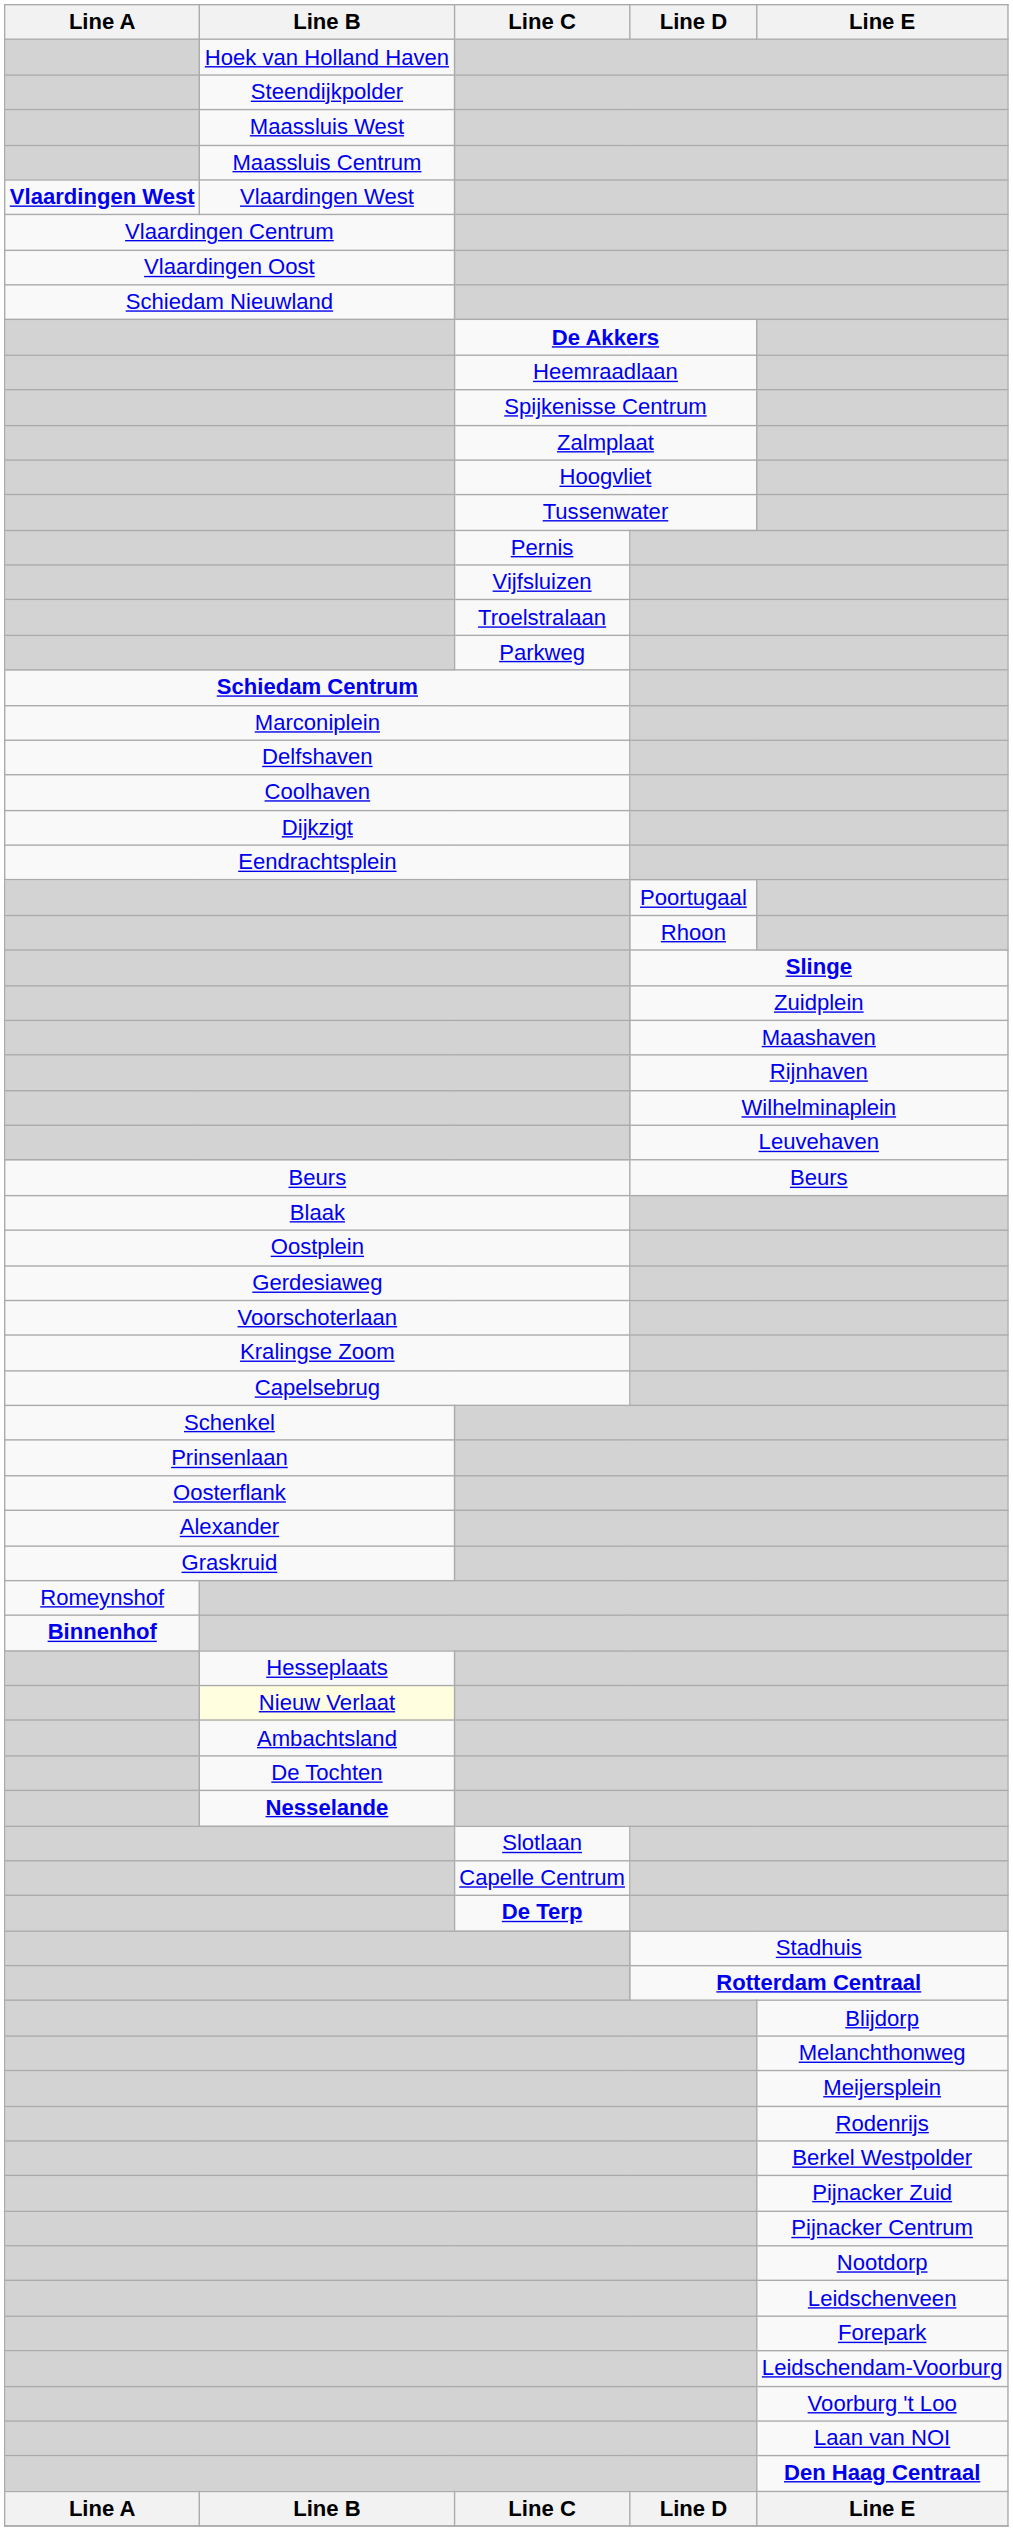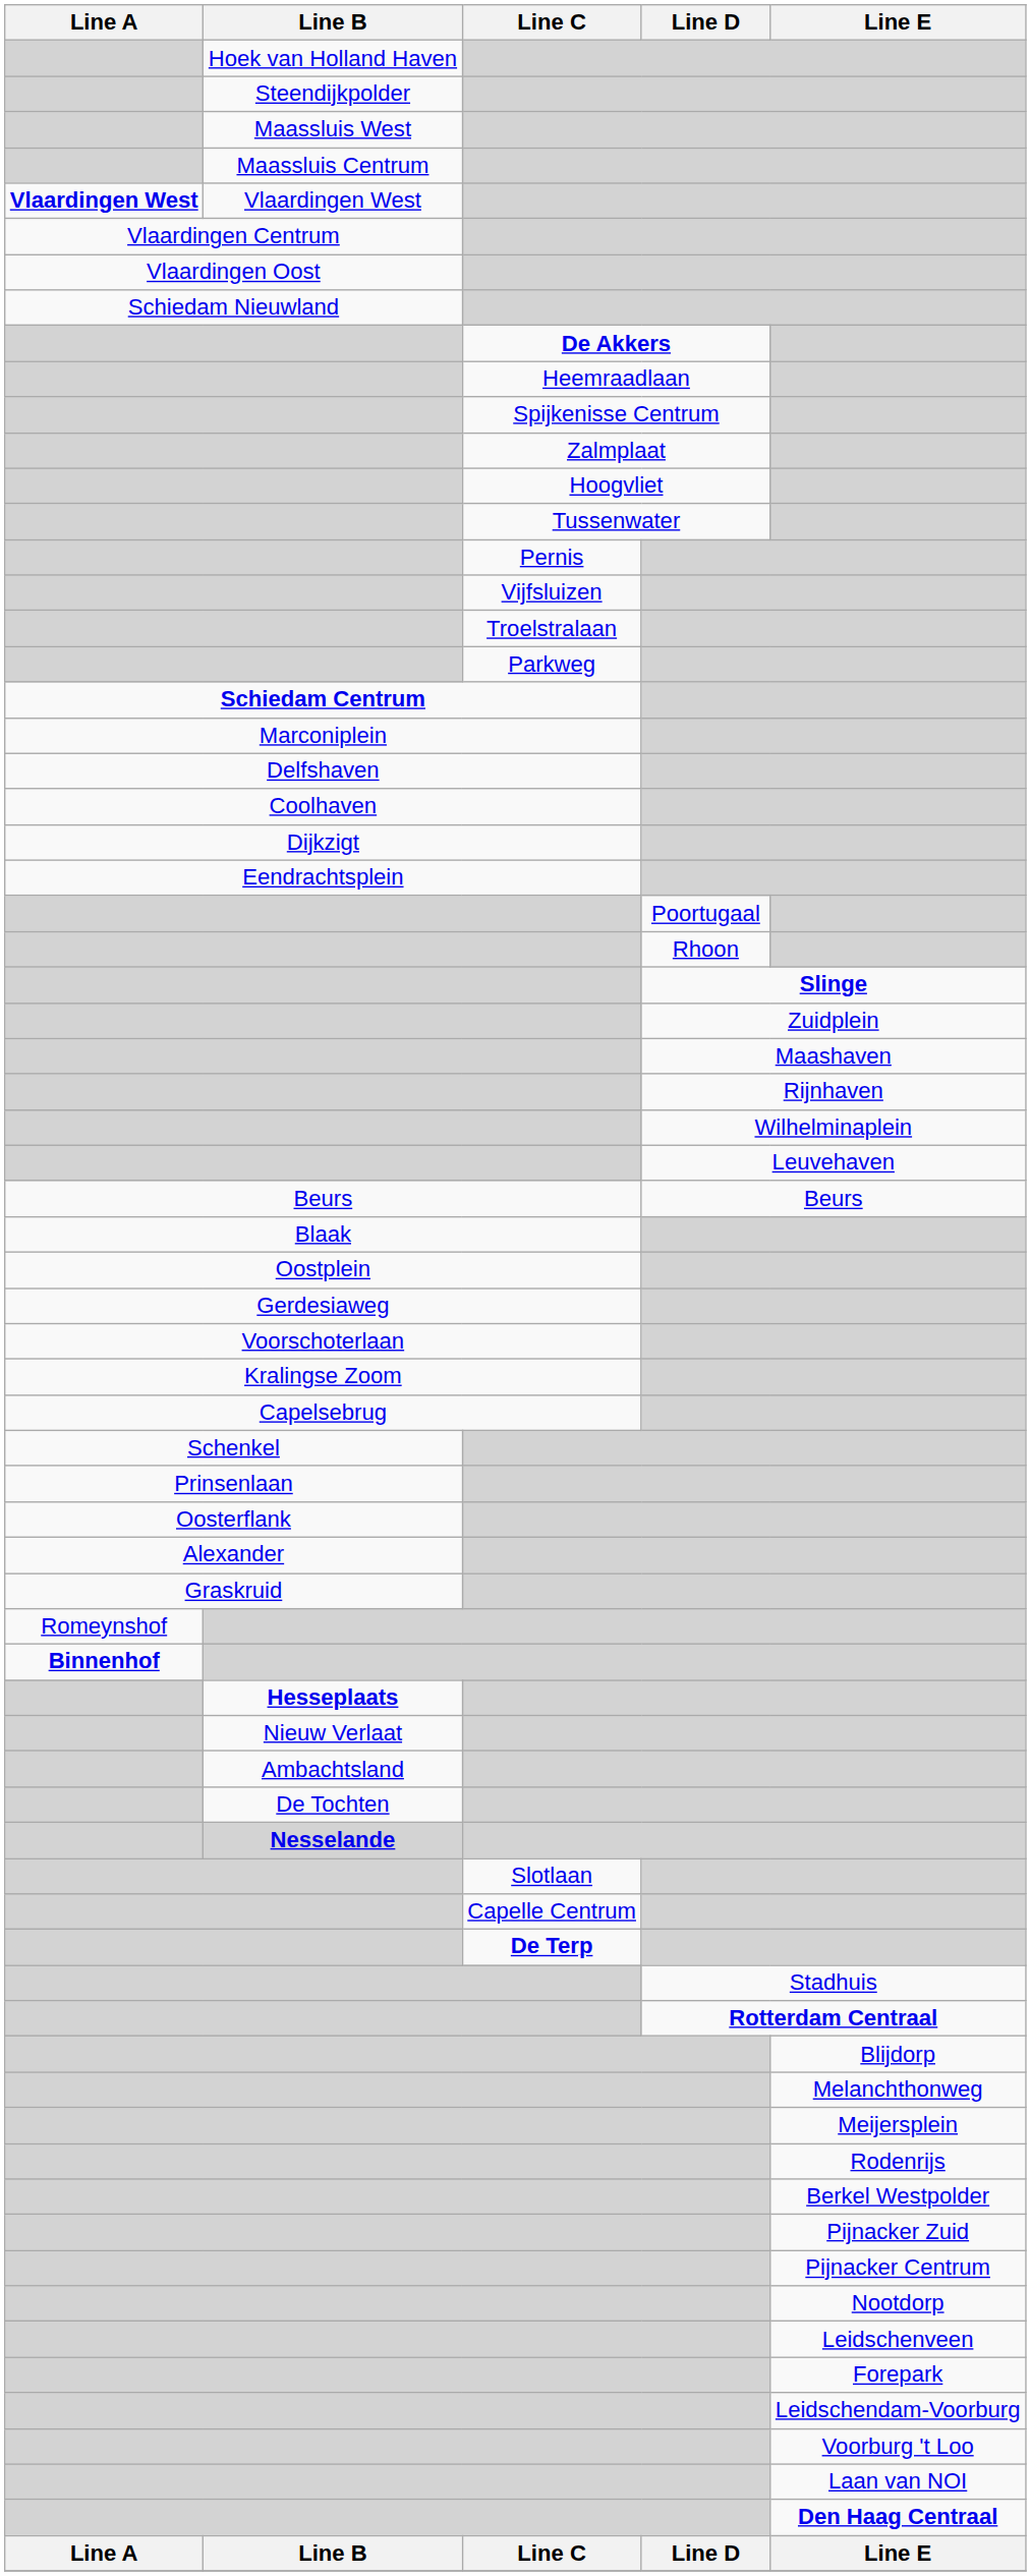 <table class="wikitable" style="text-align:center;">
 <tr>
 <th style="background:#">Line A</th>
 <th style="background:#">Line B</th>
 <th style="background:#">Line C</th>
 <th style="background:#">    Line D    </th>
 <th style="background:#">Line E</th>
 </tr>
 <tr>
 <td style="background:lightgrey;" colspan="1"></td>
 <td><a href='#'>Hoek van Holland Haven</a></td>
 <td style="background:lightgrey;" colspan="3"></td>
 </tr>
 <tr>
 <td style="background:lightgrey;" colspan="1"></td>
 <td><a href='#'>Steendijkpolder</a></td>
 <td style="background:lightgrey;" colspan="3"></td>
 </tr>
 <tr>
 <td style="background:lightgrey;" colspan="1"></td>
 <td><a href='#'>Maassluis West</a></td>
 <td style="background:lightgrey;" colspan="3"></td>
 </tr>
 <tr>
 <td style="background:lightgrey;" colspan="1"></td>
 <td><a href='#'>Maassluis Centrum</a></td>
 <td style="background:lightgrey;" colspan="3"></td>
 </tr>
 <tr>
 <td><strong><a href='#'>Vlaardingen West</a></strong></td>
 <td><a href='#'>Vlaardingen West</a></td>
 <td style="background:lightgrey;" colspan="3"></td>
 </tr>
 <tr>
 <td colspan="2"><a href='#'>Vlaardingen Centrum</a></td>
 <td style="background:lightgrey;" colspan="3"></td>
 </tr>
 <tr>
 <td colspan="2"><a href='#'>Vlaardingen Oost</a></td>
 <td style="background:lightgrey;" colspan="3"></td>
 </tr>
 <tr>
 <td colspan="2"><a href='#'>Schiedam Nieuwland</a></td>
 <td style="background:lightgrey;" colspan="3"></td>
 </tr>
 <tr>
 <td style="background:lightgrey;" colspan="2"></td>
 <td colspan="2"><strong><a href='#'>De Akkers</a></strong></td>
 <td style="background:lightgrey;"></td>
 </tr>
 <tr>
 <td style="background:lightgrey;" colspan="2"></td>
 <td colspan="2"><a href='#'>Heemraadlaan</a></td>
 <td style="background:lightgrey;"></td>
 </tr>
 <tr>
 <td style="background:lightgrey;" colspan="2"></td>
 <td colspan="2"><a href='#'>Spijkenisse Centrum</a></td>
 <td style="background:lightgrey;"></td>
 </tr>
 <tr>
 <td style="background:lightgrey;" colspan="2"></td>
 <td colspan="2"><a href='#'>Zalmplaat</a></td>
 <td style="background:lightgrey;"></td>
 </tr>
 <tr>
 <td style="background:lightgrey;" colspan="2"></td>
 <td colspan="2"><a href='#'>Hoogvliet</a></td>
 <td style="background:lightgrey;"></td>
 </tr>
 <tr>
 <td style="background:lightgrey;" colspan="2"></td>
 <td colspan="2"><a href='#'>Tussenwater</a></td>
 <td style="background:lightgrey;"></td>
 </tr>
 <tr>
 <td style="background:lightgrey;" colspan="2"></td>
 <td><a href='#'>Pernis</a></td>
 <td style="background:lightgrey;" colspan="2"></td>
 </tr>
 <tr>
 <td style="background:lightgrey;" colspan="2"></td>
 <td><a href='#'>Vijfsluizen</a></td>
 <td style="background:lightgrey;" colspan="2"></td>
 </tr>
 <tr>
 <td style="background:lightgrey;" colspan="2"></td>
 <td><a href='#'>Troelstralaan</a></td>
 <td style="background:lightgrey;" colspan="2"></td>
 </tr>
 <tr>
 <td style="background:lightgrey;" colspan="2"></td>
 <td><a href='#'>Parkweg</a></td>
 <td style="background:lightgrey;" colspan="2"></td>
 </tr>
 <tr>
 <td colspan="3"><strong><a href='#'>Schiedam Centrum</a></strong> </td>
 <td style="background:lightgrey;" colspan="2"></td>
 </tr>
 <tr>
 <td colspan="3"><a href='#'>Marconiplein</a></td>
 <td style="background:lightgrey;" colspan="2"></td>
 </tr>
 <tr>
 <td colspan="3"><a href='#'>Delfshaven</a></td>
 <td style="background:lightgrey;" colspan="2"></td>
 </tr>
 <tr>
 <td colspan="3"><a href='#'>Coolhaven</a></td>
 <td style="background:lightgrey;" colspan="2"></td>
 </tr>
 <tr>
 <td colspan="3"><a href='#'>Dijkzigt</a></td>
 <td style="background:lightgrey;" colspan="2"></td>
 </tr>
 <tr>
 <td colspan="3"><a href='#'>Eendrachtsplein</a></td>
 <td style="background:lightgrey;" colspan="2"></td>
 </tr>
 <tr>
 <td style="background:lightgrey;" colspan="3"></td>
 <td><a href='#'>Poortugaal</a></td>
 <td style="background:lightgrey;"></td>
 </tr>
 <tr>
 <td style="background:lightgrey;" colspan="3"></td>
 <td><a href='#'>Rhoon</a></td>
 <td style="background:lightgrey;"></td>
 </tr>
 <tr>
 <td style="background:lightgrey;" colspan="3"></td>
 <td colspan="2"><strong><a href='#'>Slinge</a></strong></td>
 </tr>
 <tr>
 <td style="background:lightgrey;" colspan="3"></td>
 <td colspan="2"><a href='#'>Zuidplein</a></td>
 </tr>
 <tr>
 <td style="background:lightgrey;" colspan="3"></td>
 <td colspan="2"><a href='#'>Maashaven</a></td>
 </tr>
 <tr>
 <td style="background:lightgrey;" colspan="3"></td>
 <td colspan="2"><a href='#'>Rijnhaven</a></td>
 </tr>
 <tr>
 <td style="background:lightgrey;" colspan="3"></td>
 <td colspan="2"><a href='#'>Wilhelminaplein</a></td>
 </tr>
 <tr>
 <td style="background:lightgrey;" colspan="3"></td>
 <td colspan="2"><a href='#'>Leuvehaven</a></td>
 </tr>
 <tr>
 <td colspan="3"><a href='#'>Beurs</a></td>
 <td colspan="2"><a href='#'>Beurs</a></td>
 </tr>
 <tr>
 <td colspan="3"><a href='#'>Blaak</a> </td>
 <td style="background:lightgrey;" colspan="2"></td>
 </tr>
 <tr>
 <td colspan="3"><a href='#'>Oostplein</a></td>
 <td style="background:lightgrey;" colspan="2"></td>
 </tr>
 <tr>
 <td colspan="3"><a href='#'>Gerdesiaweg</a></td>
 <td style="background:lightgrey;" colspan="2"></td>
 </tr>
 <tr>
 <td colspan="3"><a href='#'>Voorschoterlaan</a></td>
 <td style="background:lightgrey;" colspan="2"></td>
 </tr>
 <tr>
 <td colspan="3"><a href='#'>Kralingse Zoom</a></td>
 <td style="background:lightgrey;" colspan="2"></td>
 </tr>
 <tr>
 <td colspan="3"><a href='#'>Capelsebrug</a></td>
 <td style="background:lightgrey;" colspan="2"></td>
 </tr>
 <tr>
 <td colspan="2"><a href='#'>Schenkel</a></td>
 <td style="background:lightgrey;" colspan="3"></td>
 </tr>
 <tr>
 <td colspan="2"><a href='#'>Prinsenlaan</a></td>
 <td style="background:lightgrey;" colspan="3"></td>
 </tr>
 <tr>
 <td colspan="2"><a href='#'>Oosterflank</a></td>
 <td style="background:lightgrey;" colspan="3"></td>
 </tr>
 <tr>
 <td colspan="2"><a href='#'>Alexander</a> </td>
 <td style="background:lightgrey;" colspan="3"></td>
 </tr>
 <tr>
 <td colspan="2"><a href='#'>Graskruid</a></td>
 <td style="background:lightgrey;" colspan="3"></td>
 </tr>
 <tr>
 <td><a href='#'>Romeynshof</a></td>
 <td style="background:lightgrey;" colspan="4"></td>
 </tr>
 <tr>
 <td><strong><a href='#'>Binnenhof</a></strong></td>
 <td style="background:lightgrey;" colspan="4"></td>
 </tr>
 <tr>
 <td style="background:lightgrey;"></td>
-<td><a href='#'>Hesseplaats</a></td>
+<td><strong><a href='#'>Hesseplaats</a></strong></td>
 <td style="background:lightgrey;" colspan="3"></td>
 </tr>
 <tr>
 <td style="background:lightgrey;"></td>
-<td style="background: lightyellow;"><a href='#'>Nieuw Verlaat</a></td>
+<td><a href='#'>Nieuw Verlaat</a></td>
 <td style="background:lightgrey;" colspan="3"></td>
 </tr>
 <tr>
 <td style="background:lightgrey;"></td>
 <td><a href='#'>Ambachtsland</a></td>
 <td style="background:lightgrey;" colspan="3"></td>
 </tr>
 <tr>
 <td style="background:lightgrey;"></td>
 <td><a href='#'>De Tochten</a></td>
 <td style="background:lightgrey;" colspan="3"></td>
 </tr>
 <tr>
 <td style="background:lightgrey;"></td>
-<td><strong><a href='#'>Nesselande</a></strong></td>
+<td style="background: lightgrey;"><strong><a href='#'>Nesselande</a></strong></td>
 <td style="background:lightgrey;" colspan="3"></td>
 </tr>
 <tr>
 <td style="background:lightgrey;" colspan="2"></td>
 <td><a href='#'>Slotlaan</a></td>
 <td style="background:lightgrey;" colspan="2"></td>
 </tr>
 <tr>
 <td style="background:lightgrey;" colspan="2"></td>
 <td><a href='#'>Capelle Centrum</a></td>
 <td style="background:lightgrey;" colspan="2"></td>
 </tr>
 <tr>
 <td style="background:lightgrey;" colspan="2"></td>
 <td><strong><a href='#'>De Terp</a></strong></td>
 <td style="background:lightgrey;" colspan="2"></td>
 </tr>
 <tr>
 <td style="background:lightgrey;" colspan="3"></td>
 <td colspan="2"><a href='#'>Stadhuis</a></td>
 </tr>
 <tr>
 <td style="background:lightgrey;" colspan="3"></td>
 <td colspan="2"><strong><a href='#'>Rotterdam Centraal</a></strong> </td>
 </tr>
 <tr>
 <td style="background:lightgrey;" colspan="4"></td>
 <td><a href='#'>Blijdorp</a></td>
 </tr>
 <tr>
 <td style="background:lightgrey;" colspan="4"></td>
 <td><a href='#'>Melanchthonweg</a></td>
 </tr>
 <tr>
 <td style="background:lightgrey;" colspan="4"></td>
 <td><a href='#'>Meijersplein</a></td>
 </tr>
 <tr>
 <td style="background:lightgrey;" colspan="4"></td>
 <td><a href='#'>Rodenrijs</a></td>
 </tr>
 <tr>
 <td style="background:lightgrey;" colspan="4"></td>
 <td><a href='#'>Berkel Westpolder</a></td>
 </tr>
 <tr>
 <td style="background:lightgrey;" colspan="4"></td>
 <td><a href='#'>Pijnacker Zuid</a></td>
 </tr>
 <tr>
 <td style="background:lightgrey;" colspan="4"></td>
 <td><a href='#'>Pijnacker Centrum</a></td>
 </tr>
 <tr>
 <td style="background:lightgrey;" colspan="4"></td>
 <td><a href='#'>Nootdorp</a></td>
 </tr>
 <tr>
 <td style="background:lightgrey;" colspan="4"></td>
 <td><a href='#'>Leidschenveen</a></td>
 </tr>
 <tr>
 <td style="background:lightgrey;" colspan="4"></td>
 <td><a href='#'>Forepark</a></td>
 </tr>
 <tr>
 <td style="background:lightgrey;" colspan="4"></td>
 <td><a href='#'>Leidschendam-Voorburg</a></td>
 </tr>
 <tr>
 <td style="background:lightgrey;" colspan="4"></td>
 <td><a href='#'>Voorburg 't Loo</a></td>
 </tr>
 <tr>
 <td style="background:lightgrey;" colspan="4"></td>
 <td><a href='#'>Laan van NOI</a> </td>
 </tr>
 <tr>
 <td style="background:lightgrey;" colspan="4"></td>
 <td><strong><a href='#'>Den Haag Centraal</a></strong> </td>
 </tr>
 <tr>
 <th style="background:#">Line A</th>
 <th style="background:#">Line B</th>
 <th style="background:#">Line C</th>
 <th style="background:#">Line D</th>
 <th style="background:#">Line E</th>
 </tr>
 <tr>
 </tr>
 </table>
